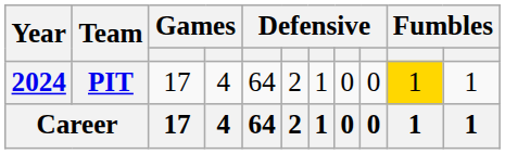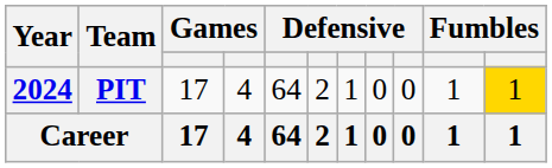 <table class="wikitable" style="text-align:center;">
 <tr>
 <th rowspan="2">Year</th>
 <th rowspan="2">Team</th>
 <th colspan="2">Games</th>
 <th colspan="5">Defensive</th>
 <th colspan="2">Fumbles</th>
 </tr>
 <tr>
 <th></th>
 <th></th>
 <th></th>
 <th></th>
 <th></th>
 <th></th>
 <th></th>
 <th></th>
 <th></th>
 </tr>
 <tr>
 <th><a href='#'>2024</a></th>
 <th><a href='#'>PIT</a></th>
 <td>17</td>
 <td>4</td>
 <td>64</td>
 <td>2</td>
 <td>1</td>
 <td>0</td>
 <td>0</td>
+<td>1</td>
 <td style="background: gold;">1</td>
-<td>1</td>
 </tr>
 <tr>
 <th colspan="2">Career</th>
 <th>17</th>
 <th>4</th>
 <th>64</th>
 <th>2</th>
 <th>1</th>
 <th>0</th>
 <th>0</th>
 <th>1</th>
 <th>1</th>
 </tr>
 </table>
